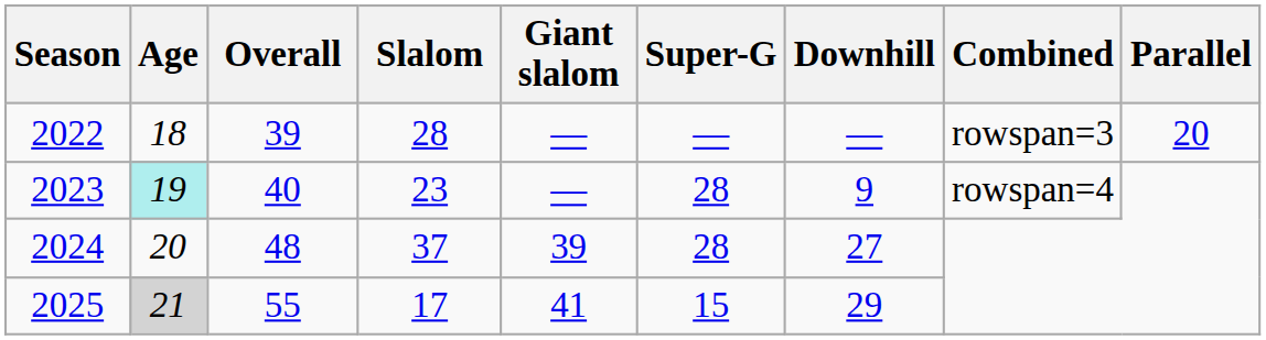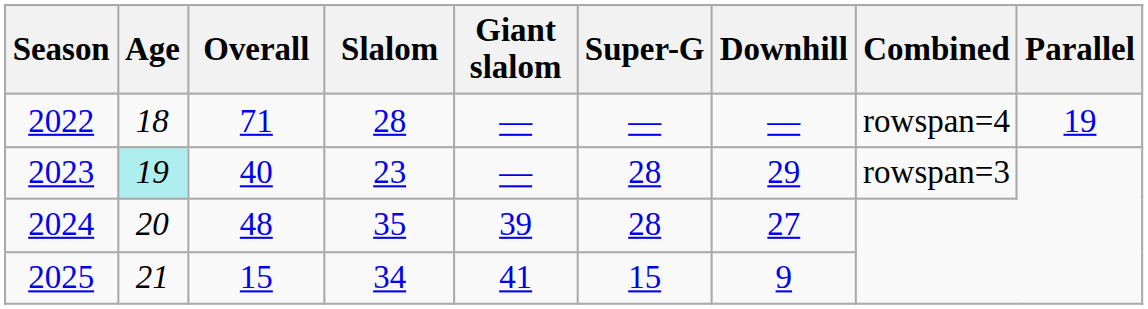 <table class=wikitable style="text-align:center">
 <tr>
 <th>Season</th>
 <th>Age</th>
 <th> Overall </th>
 <th> Slalom </th>
 <th>Giant<br> slalom </th>
 <th>Super-G</th>
 <th>Downhill</th>
 <th>Combined</th>
 <th>Parallel</th>
 </tr>
 <tr>
 <td><a href='#'>2022</a></td>
 <td><em>18</em></td>
-<td><a href='#'>39</a></td>
+<td><a href='#'>71</a></td>
 <td><a href='#'>28</a></td>
 <td><a href='#'>—</a></td>
 <td><a href='#'>—</a></td>
 <td><a href='#'>—</a></td>
-<td>rowspan=3 </td>
-<td><a href='#'>20</a></td>
+<td>rowspan=4</td>
+<td><a href='#'>19</a></td>
 </tr>
 <tr>
 <td><a href='#'>2023</a></td>
 <td style="background: paleturquoise;"><em>19</em></td>
 <td><a href='#'>40</a></td>
 <td><a href='#'>23</a></td>
 <td><a href='#'>—</a></td>
 <td><a href='#'>28</a></td>
-<td><a href='#'>9</a></td>
-<td>rowspan=4</td>
+<td><a href='#'>29</a></td>
+<td>rowspan=3 </td>
 </tr>
 <tr>
 <td><a href='#'>2024</a></td>
 <td><em>20</em></td>
 <td><a href='#'>48</a></td>
-<td><a href='#'>37</a></td>
+<td><a href='#'>35</a></td>
 <td><a href='#'>39</a></td>
 <td><a href='#'>28</a></td>
 <td><a href='#'>27</a></td>
 </tr>
 <tr>
 <td><a href='#'>2025</a></td>
-<td style="background: lightgrey;"><em>21</em></td>
-<td><a href='#'>55</a></td>
-<td><a href='#'>17</a></td>
+<td><em>21</em></td>
+<td><a href='#'>15</a></td>
+<td><a href='#'>34</a></td>
 <td><a href='#'>41</a></td>
 <td><a href='#'>15</a></td>
-<td><a href='#'>29</a></td>
+<td><a href='#'>9</a></td>
 </tr>
 </table>
